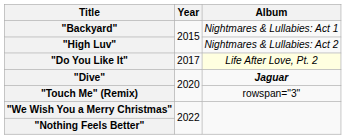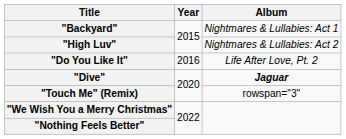 <table class="wikitable plainrowheaders" style="text-align:center;">
 <tr>
 <th scope="col">Title</th>
 <th scope="col">Year</th>
 <th scope="col">Album</th>
 </tr>
 <tr>
 <th scope="row">"Backyard"</th>
 <td rowspan="2">2015</td>
 <td><em>Nightmares & Lullabies: Act 1</em></td>
 </tr>
 <tr>
 <th scope="row">"High Luv"</th>
 <td><em>Nightmares & Lullabies: Act 2</em></td>
 </tr>
 <tr>
 <th scope="row">"Do You Like It"</th>
-<td>2017</td>
-<td style="background: lightyellow;"><em>Life After Love, Pt. 2</em></td>
+<td>2016</td>
+<td><em>Life After Love, Pt. 2</em></td>
 </tr>
 <tr>
 <th scope="row">"Dive"</th>
 <td rowspan="2">2020</td>
 <td><strong><em>Jaguar</em></strong></td>
 </tr>
 <tr>
 <th scope="row">"Touch Me" (Remix)<br></th>
 <td>rowspan="3" </td>
 </tr>
 <tr>
 <th scope="row">"We Wish You a Merry Christmas"</th>
 <td rowspan="2">2022</td>
 </tr>
 <tr>
 <th scope="row">"Nothing Feels Better"</th>
 </tr>
 </table>
